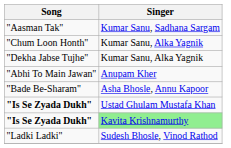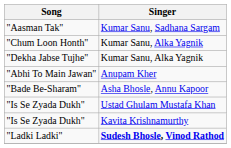 <table class="wikitable">
 <tr>
 <th>Song</th>
 <th>Singer</th>
 </tr>
 <tr>
 <td>"Aasman Tak"</td>
 <td><a href='#'>Kumar Sanu</a>, <a href='#'>Sadhana Sargam</a></td>
 </tr>
 <tr>
 <td>"Chum Loon Honth"</td>
 <td>Kumar Sanu, <a href='#'>Alka Yagnik</a></td>
 </tr>
 <tr>
 <td>"Dekha Jabse Tujhe"</td>
 <td>Kumar Sanu, Alka Yagnik</td>
 </tr>
 <tr>
 <td>"Abhi To Main Jawan"</td>
 <td><a href='#'>Anupam Kher</a></td>
 </tr>
 <tr>
 <td>"Bade Be-Sharam"</td>
 <td><a href='#'>Asha Bhosle</a>, <a href='#'>Annu Kapoor</a></td>
 </tr>
 <tr>
-<td><strong>"Is Se Zyada Dukh"</strong></td>
+<td>"Is Se Zyada Dukh"</td>
 <td><a href='#'>Ustad Ghulam Mustafa Khan</a></td>
 </tr>
 <tr>
-<td><strong>"Is Se Zyada Dukh"</strong></td>
-<td style="background: lightgreen;"><a href='#'>Kavita Krishnamurthy</a></td>
+<td>"Is Se Zyada Dukh"</td>
+<td><a href='#'>Kavita Krishnamurthy</a></td>
 </tr>
 <tr>
 <td>"Ladki Ladki"</td>
-<td><a href='#'>Sudesh Bhosle</a>, <a href='#'>Vinod Rathod</a></td>
+<td><strong><a href='#'>Sudesh Bhosle</a>, <a href='#'>Vinod Rathod</a></strong></td>
 </tr>
 <tr>
 </tr>
 </table>
